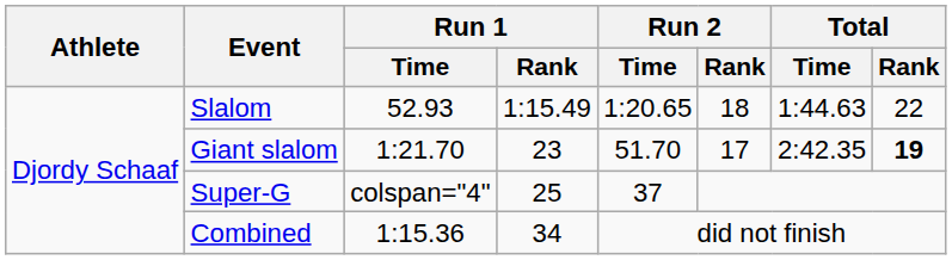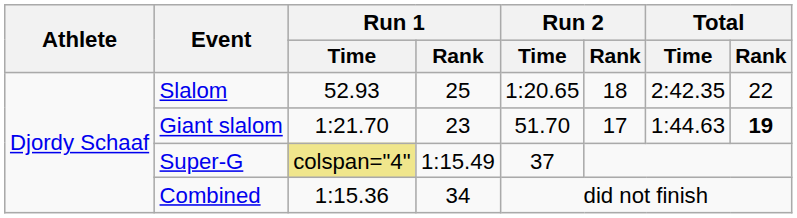 <table class="wikitable" style="font-size:90%">
 <tr>
 <th rowspan=2>Athlete</th>
 <th rowspan=2>Event</th>
 <th colspan=2>Run 1</th>
 <th colspan=2>Run 2</th>
 <th colspan=2>Total</th>
 </tr>
 <tr style="font-size:95%">
 <th>Time</th>
 <th>Rank</th>
 <th>Time</th>
 <th>Rank</th>
 <th>Time</th>
 <th>Rank</th>
 </tr>
 <tr align=center>
 <td align="left" rowspan="4"><a href='#'>Djordy Schaaf</a></td>
 <td align="left"><a href='#'>Slalom</a></td>
 <td>52.93</td>
-<td>1:15.49</td>
+<td>25</td>
 <td>1:20.65</td>
 <td>18</td>
-<td>1:44.63</td>
+<td>2:42.35</td>
 <td>22</td>
 </tr>
 <tr align=center>
 <td align="left"><a href='#'>Giant slalom</a></td>
 <td>1:21.70</td>
 <td>23</td>
 <td>51.70</td>
 <td>17</td>
-<td>2:42.35</td>
+<td>1:44.63</td>
 <td><strong>19</strong></td>
 </tr>
 <tr align=center>
 <td align="left"><a href='#'>Super-G</a></td>
-<td>colspan="4" </td>
-<td>25</td>
+<td style="background: khaki;">colspan="4" </td>
+<td>1:15.49</td>
 <td>37</td>
 </tr>
 <tr align=center>
 <td align="left"><a href='#'>Combined</a></td>
 <td>1:15.36</td>
 <td>34</td>
 <td colspan=4>did not finish</td>
 </tr>
 </table>
